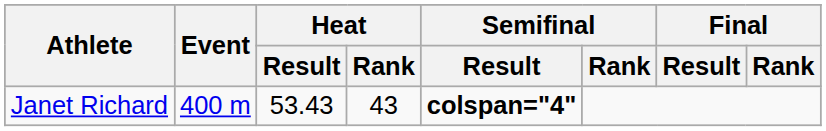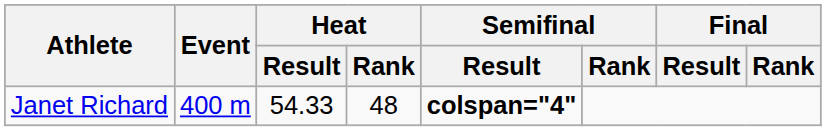 <table class="wikitable" style="font-size:90%">
 <tr>
 <th rowspan="2">Athlete</th>
 <th rowspan="2">Event</th>
 <th colspan="2">Heat</th>
 <th colspan="2">Semifinal</th>
 <th colspan="2">Final</th>
 </tr>
 <tr>
 <th>Result</th>
 <th>Rank</th>
 <th>Result</th>
 <th>Rank</th>
 <th>Result</th>
 <th>Rank</th>
 </tr>
 <tr style=text-align:center>
 <td style=text-align:left><a href='#'>Janet Richard</a></td>
 <td style=text-align:left><a href='#'>400 m</a></td>
-<td>53.43</td>
-<td>43</td>
+<td>54.33</td>
+<td>48</td>
 <td><strong>colspan="4" </strong></td>
 </tr>
 </table>
